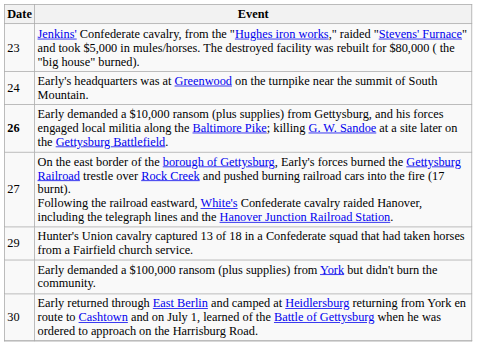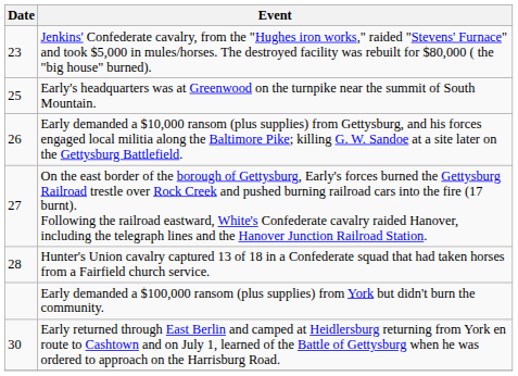 <table class="wikitable sortable">
 <tr>
 <th>Date</th>
 <th>Event</th>
 </tr>
 <tr>
 <td>23</td>
 <td><a href='#'>Jenkins'</a> Confederate cavalry, from the "<a href='#'>Hughes iron works</a>," raided "<a href='#'>Stevens' Furnace</a>" and took $5,000 in mules/horses.  The destroyed facility was rebuilt for $80,000 ( the "big house" burned).</td>
 </tr>
 <tr>
-<td>24</td>
+<td>25</td>
 <td>Early's headquarters was at <a href='#'>Greenwood</a> on the turnpike near the summit of South Mountain.</td>
 </tr>
 <tr>
-<td><strong>26</strong></td>
+<td>26</td>
 <td>Early demanded a $10,000 ransom (plus supplies) from Gettysburg, and his forces engaged local militia along the <a href='#'>Baltimore Pike</a>; killing <a href='#'>G. W. Sandoe</a> at a site later on the <a href='#'>Gettysburg Battlefield</a>.</td>
 </tr>
 <tr>
 <td>27</td>
 <td>On the east border of the <a href='#'>borough of Gettysburg</a>, Early's forces burned the <a href='#'>Gettysburg Railroad</a> trestle over <a href='#'>Rock Creek</a> and pushed burning railroad cars into the fire (17 burnt).<br>Following the railroad eastward, <a href='#'>White's</a> Confederate cavalry raided Hanover, including the telegraph lines and the <a href='#'>Hanover Junction Railroad Station</a>.</td>
 </tr>
 <tr>
-<td>29</td>
+<td>28</td>
 <td>Hunter's Union cavalry captured 13 of 18 in a Confederate squad that had taken horses from a Fairfield church service.</td>
 </tr>
 <tr>
 <td></td>
 <td>Early demanded a $100,000 ransom (plus supplies) from <a href='#'>York</a> but didn't burn the community.</td>
 </tr>
 <tr>
 <td>30</td>
 <td>Early returned through <a href='#'>East Berlin</a> and camped at <a href='#'>Heidlersburg</a> returning from York en route to <a href='#'>Cashtown</a> and on July 1, learned of the <a href='#'>Battle of Gettysburg</a> when he was ordered to approach on the Harrisburg Road.</td>
 </tr>
 <tr>
 </tr>
 </table>
